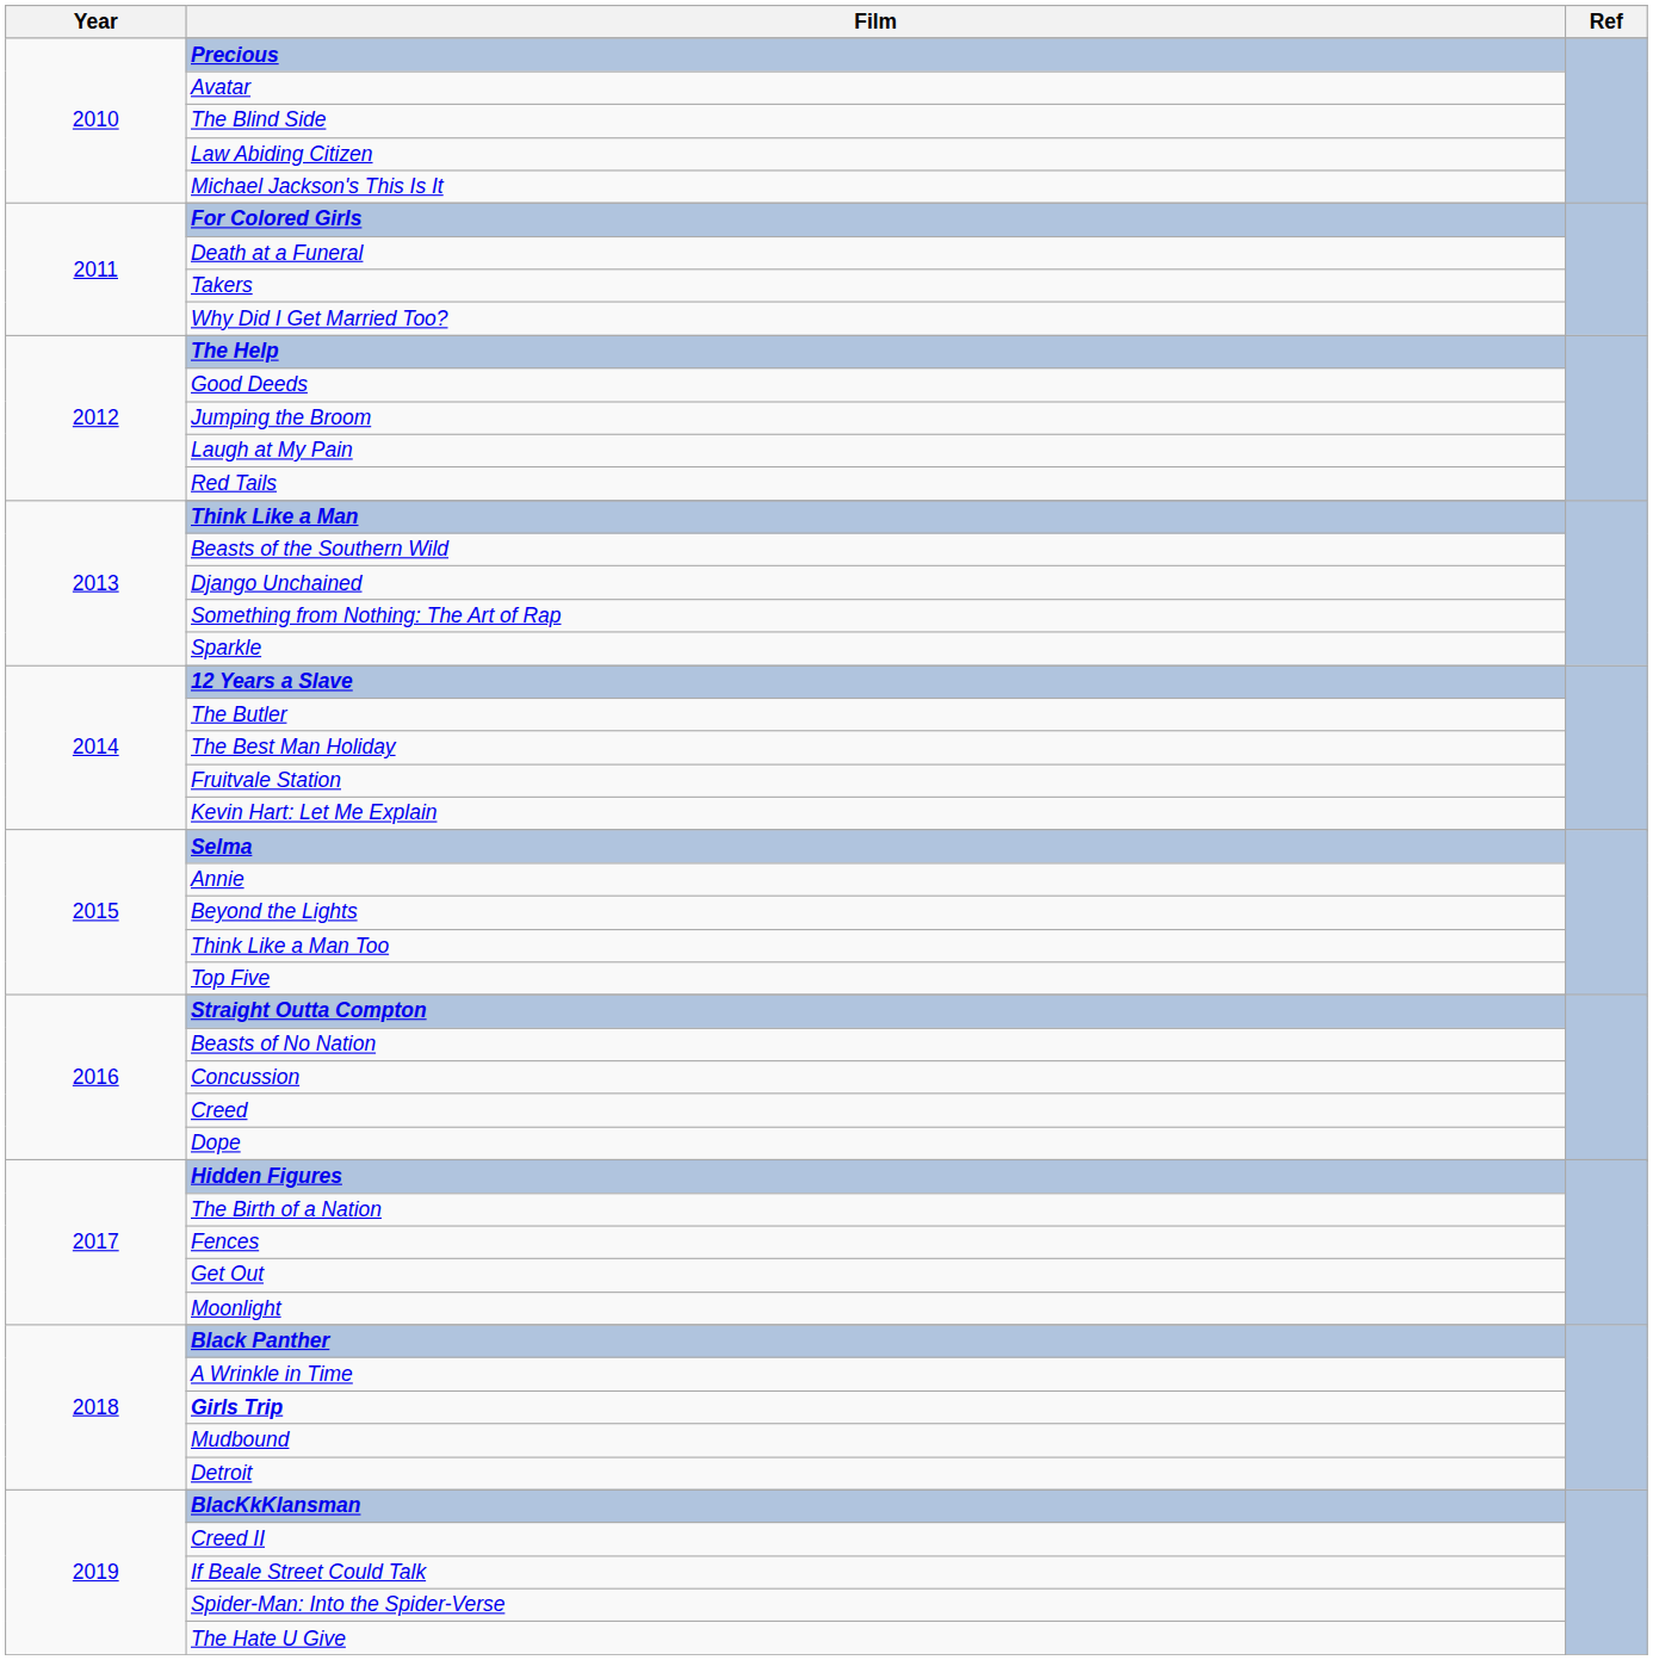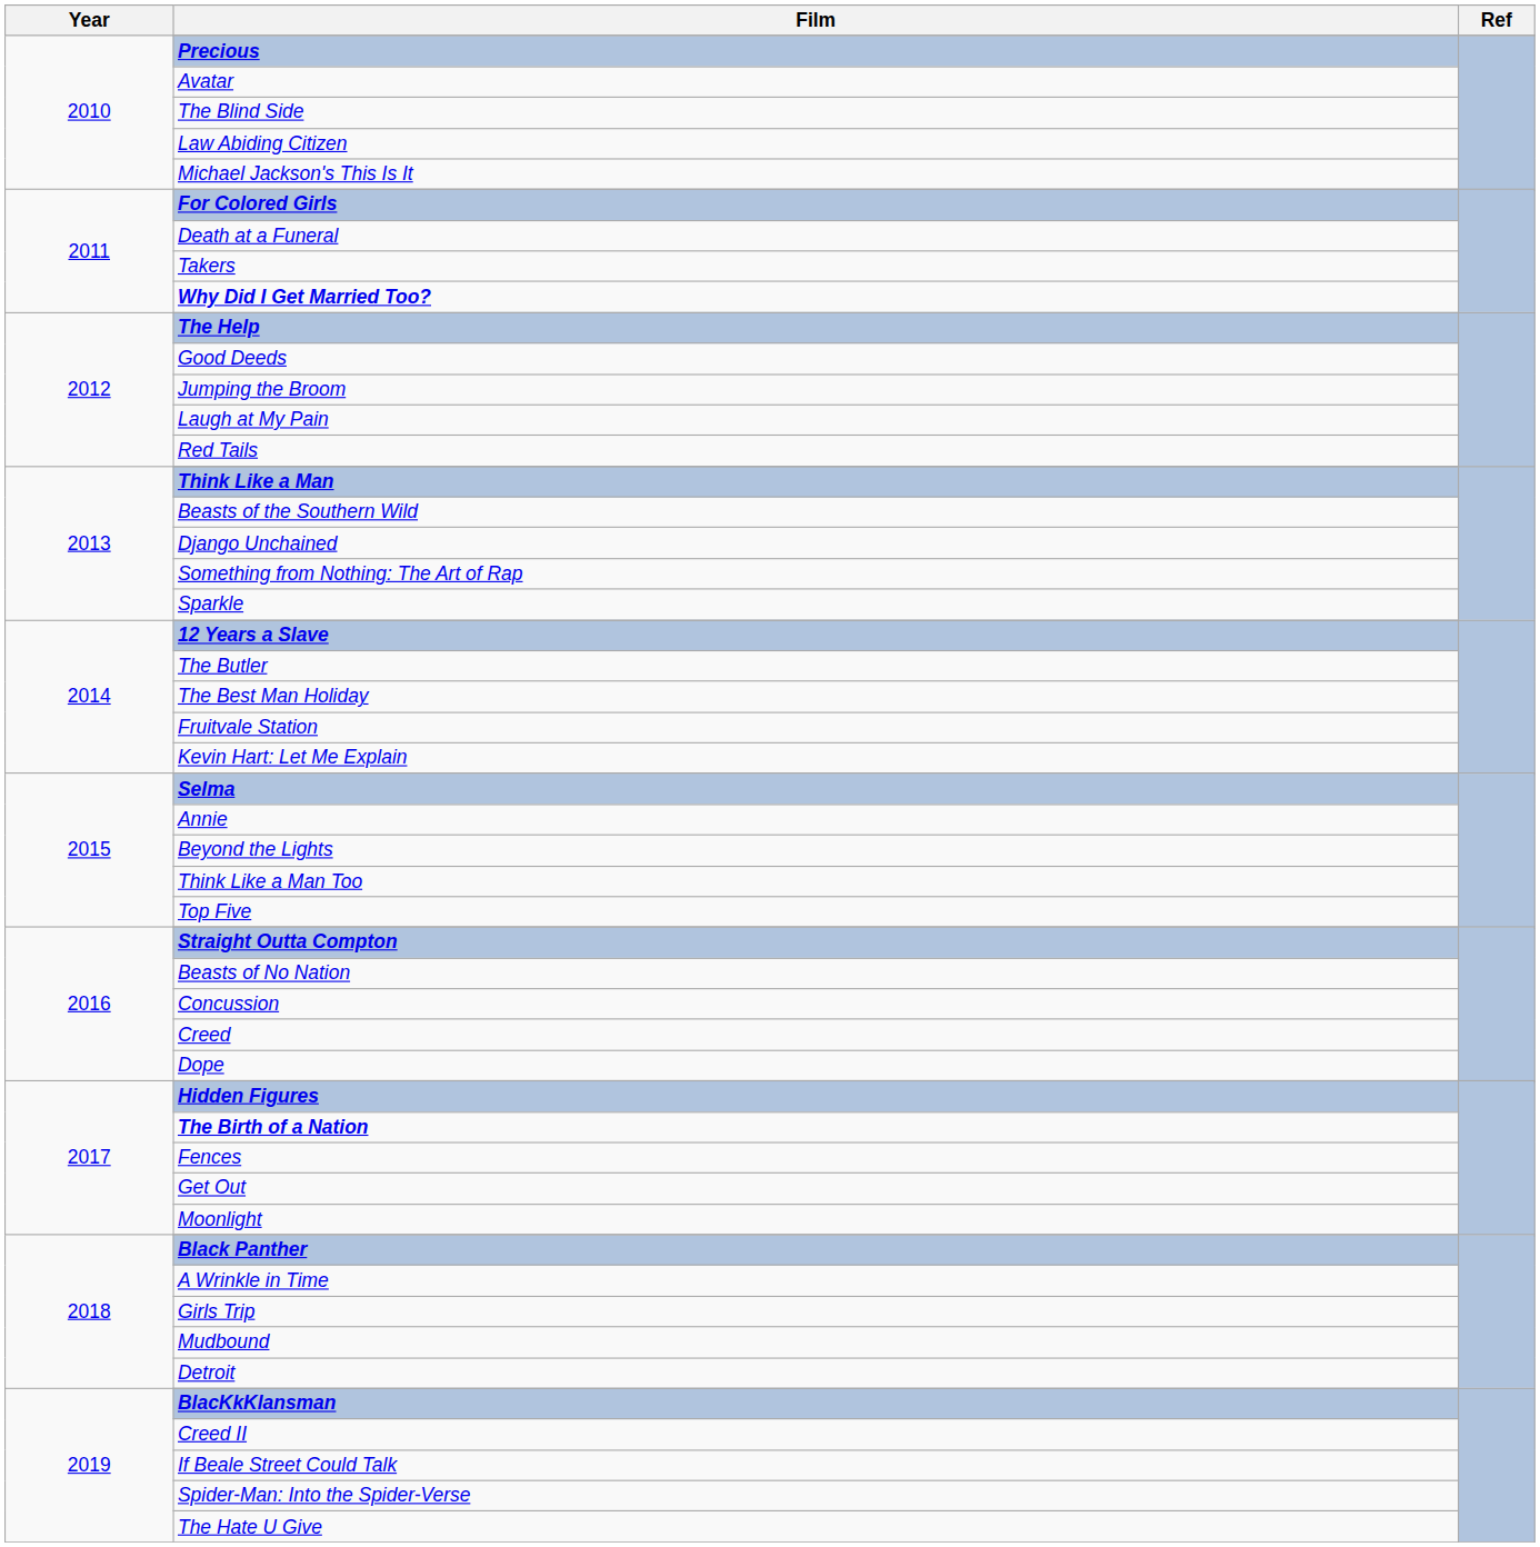 <table class="wikitable" style="width:100%;">
 <tr style="background:#bebebe;">
 <th style="width:11%;">Year</th>
 <th style="width:84%;">Film</th>
 <th style="width:5%;">Ref</th>
 </tr>
 <tr>
 <td rowspan="6" align="center"><a href='#'>2010</a></td>
 </tr>
 <tr style="background:#B0C4DE">
 <td><strong><em><a href='#'>Precious</a></em></strong></td>
 <td rowspan="6" align="center"></td>
 </tr>
 <tr>
 <td><em><a href='#'>Avatar</a></em></td>
 </tr>
 <tr>
 <td><em><a href='#'>The Blind Side</a></em></td>
 </tr>
 <tr>
 <td><em><a href='#'>Law Abiding Citizen</a></em></td>
 </tr>
 <tr>
 <td><em><a href='#'>Michael Jackson's This Is It</a></em></td>
 </tr>
 <tr>
 <td rowspan="5" align="center"><a href='#'>2011</a></td>
 </tr>
 <tr style="background:#B0C4DE">
 <td><strong><em><a href='#'>For Colored Girls</a></em></strong></td>
 <td rowspan="5" align="center"></td>
 </tr>
 <tr>
 <td><em><a href='#'>Death at a Funeral</a></em></td>
 </tr>
 <tr>
 <td><em><a href='#'>Takers</a></em></td>
 </tr>
 <tr>
-<td><em><a href='#'>Why Did I Get Married Too?</a></em></td>
+<td><strong><em><a href='#'>Why Did I Get Married Too?</a></em></strong></td>
 </tr>
 <tr>
 <td rowspan="6" align="center"><a href='#'>2012</a></td>
 </tr>
 <tr style="background:#B0C4DE">
 <td><strong><em><a href='#'>The Help</a></em></strong></td>
 <td rowspan="6" align="center"></td>
 </tr>
 <tr>
 <td><em><a href='#'>Good Deeds</a></em></td>
 </tr>
 <tr>
 <td><em><a href='#'>Jumping the Broom</a></em></td>
 </tr>
 <tr>
 <td><em><a href='#'>Laugh at My Pain</a></em></td>
 </tr>
 <tr>
 <td><em><a href='#'>Red Tails</a></em></td>
 </tr>
 <tr>
 <td rowspan="6" align="center"><a href='#'>2013</a></td>
 </tr>
 <tr style="background:#B0C4DE">
 <td><strong><em><a href='#'>Think Like a Man</a></em></strong></td>
 <td rowspan="6" align="center"></td>
 </tr>
 <tr>
 <td><em><a href='#'>Beasts of the Southern Wild</a></em></td>
 </tr>
 <tr>
 <td><em><a href='#'>Django Unchained</a></em></td>
 </tr>
 <tr>
 <td><em><a href='#'>Something from Nothing: The Art of Rap</a></em></td>
 </tr>
 <tr>
 <td><em><a href='#'>Sparkle</a></em></td>
 </tr>
 <tr>
 <td rowspan="6" align="center"><a href='#'>2014</a></td>
 </tr>
 <tr style="background:#B0C4DE">
 <td><strong><em><a href='#'>12 Years a Slave</a></em></strong></td>
 <td rowspan="6" align="center"></td>
 </tr>
 <tr>
 <td><em><a href='#'>The Butler</a></em></td>
 </tr>
 <tr>
 <td><em><a href='#'>The Best Man Holiday</a></em></td>
 </tr>
 <tr>
 <td><em><a href='#'>Fruitvale Station</a></em></td>
 </tr>
 <tr>
 <td><em><a href='#'>Kevin Hart: Let Me Explain</a></em></td>
 </tr>
 <tr>
 <td rowspan="6" align="center"><a href='#'>2015</a></td>
 </tr>
 <tr style="background:#B0C4DE">
 <td><strong><em><a href='#'>Selma</a></em></strong></td>
 <td rowspan="6" align="center"></td>
 </tr>
 <tr>
 <td><em><a href='#'>Annie</a></em></td>
 </tr>
 <tr>
 <td><em><a href='#'>Beyond the Lights</a></em></td>
 </tr>
 <tr>
 <td><em><a href='#'>Think Like a Man Too</a></em></td>
 </tr>
 <tr>
 <td><em><a href='#'>Top Five</a></em></td>
 </tr>
 <tr>
 <td rowspan="6" align="center"><a href='#'>2016</a></td>
 </tr>
 <tr style="background:#B0C4DE">
 <td><strong><em><a href='#'>Straight Outta Compton</a></em></strong></td>
 <td rowspan="6" align="center"></td>
 </tr>
 <tr>
 <td><em><a href='#'>Beasts of No Nation</a></em></td>
 </tr>
 <tr>
 <td><em><a href='#'>Concussion</a></em></td>
 </tr>
 <tr>
 <td><em><a href='#'>Creed</a></em></td>
 </tr>
 <tr>
 <td><em><a href='#'>Dope</a></em></td>
 </tr>
 <tr>
 <td rowspan="6" align="center"><a href='#'>2017</a></td>
 </tr>
 <tr style="background:#B0C4DE">
 <td><strong><em><a href='#'>Hidden Figures</a></em></strong></td>
 <td rowspan="6" align="center"></td>
 </tr>
 <tr>
-<td><em><a href='#'>The Birth of a Nation</a></em></td>
+<td><strong><em><a href='#'>The Birth of a Nation</a></em></strong></td>
 </tr>
 <tr>
 <td><em><a href='#'>Fences</a></em></td>
 </tr>
 <tr>
 <td><em><a href='#'>Get Out</a></em></td>
 </tr>
 <tr>
 <td><em><a href='#'>Moonlight</a></em></td>
 </tr>
 <tr>
 <td rowspan="6" align="center"><a href='#'>2018</a></td>
 </tr>
 <tr style="background:#B0C4DE">
 <td><strong><em><a href='#'>Black Panther</a></em></strong></td>
 <td rowspan="6" align="center"></td>
 </tr>
 <tr>
 <td><em><a href='#'>A Wrinkle in Time</a></em></td>
 </tr>
 <tr>
-<td><strong><em><a href='#'>Girls Trip</a></em></strong></td>
+<td><em><a href='#'>Girls Trip</a></em></td>
 </tr>
 <tr>
 <td><em><a href='#'>Mudbound</a></em></td>
 </tr>
 <tr>
 <td><em><a href='#'>Detroit</a></em></td>
 </tr>
 <tr>
 <td rowspan="6" align="center"><a href='#'>2019</a></td>
 </tr>
 <tr style="background:#B0C4DE">
 <td><strong><em><a href='#'>BlacKkKlansman</a></em></strong></td>
 <td rowspan="6" align="center"></td>
 </tr>
 <tr>
 <td><em><a href='#'>Creed II</a></em></td>
 </tr>
 <tr>
 <td><em><a href='#'>If Beale Street Could Talk</a></em></td>
 </tr>
 <tr>
 <td><em><a href='#'>Spider-Man: Into the Spider-Verse</a></em></td>
 </tr>
 <tr>
 <td><em><a href='#'>The Hate U Give</a></em></td>
 </tr>
 </table>
